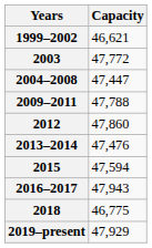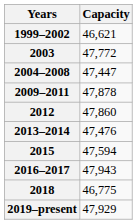 <table class="wikitable">
 <tr>
 <th scope="row">Years</th>
 <th scope="row">Capacity</th>
 </tr>
 <tr>
 <th scope="row">1999–2002</th>
 <td>46,621</td>
 </tr>
 <tr>
 <th scope="row">2003</th>
 <td>47,772</td>
 </tr>
 <tr>
 <th scope="row">2004–2008</th>
 <td>47,447</td>
 </tr>
 <tr>
 <th scope="row">2009–2011</th>
-<td>47,788</td>
+<td>47,878</td>
 </tr>
 <tr>
 <th scope="row">2012</th>
 <td>47,860</td>
 </tr>
 <tr>
 <th scope="row">2013–2014</th>
 <td>47,476</td>
 </tr>
 <tr>
 <th scope="row">2015</th>
 <td>47,594</td>
 </tr>
 <tr>
 <th scope="row">2016–2017</th>
 <td>47,943</td>
 </tr>
 <tr>
 <th scope="row">2018</th>
 <td>46,775</td>
 </tr>
 <tr>
 <th scope="row">2019–present</th>
 <td>47,929</td>
 </tr>
 </table>
